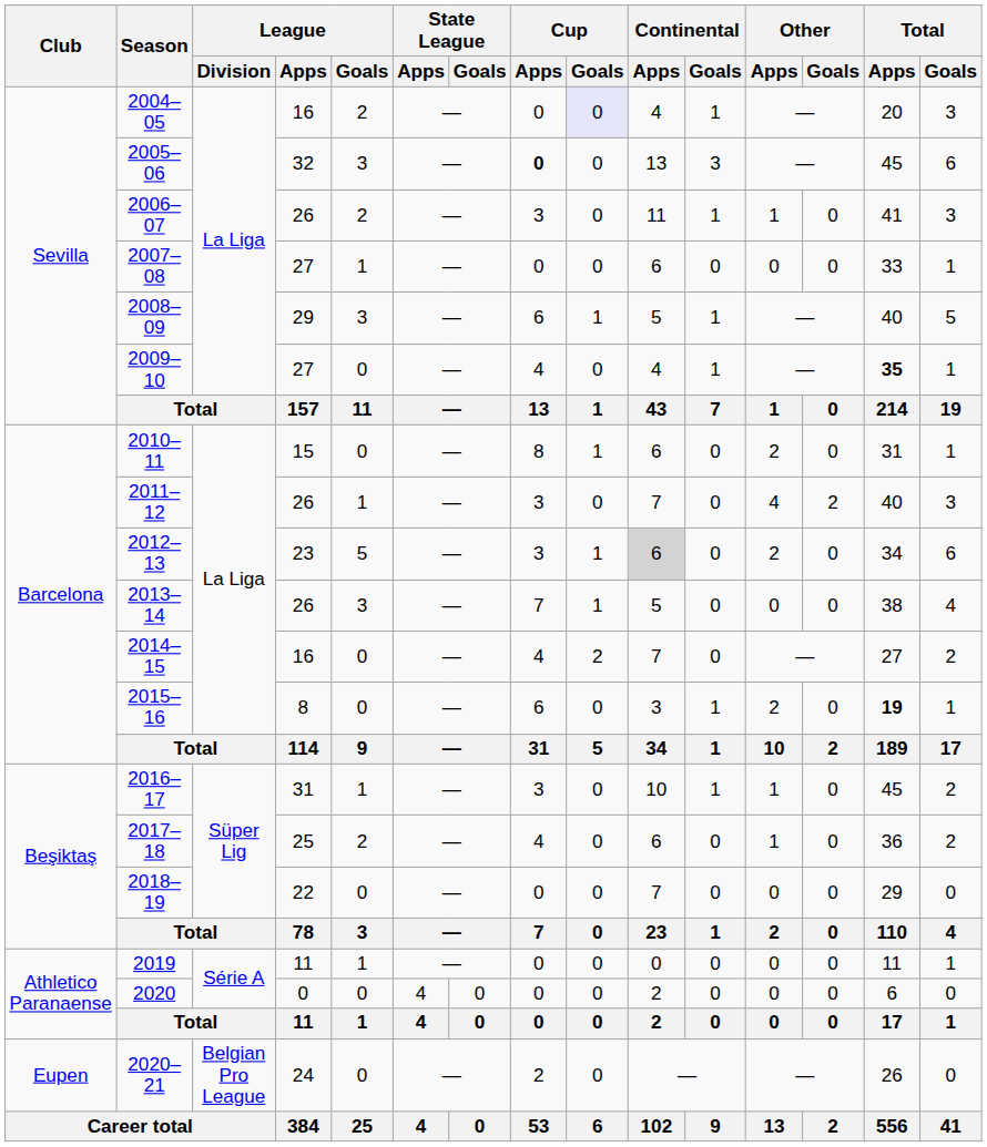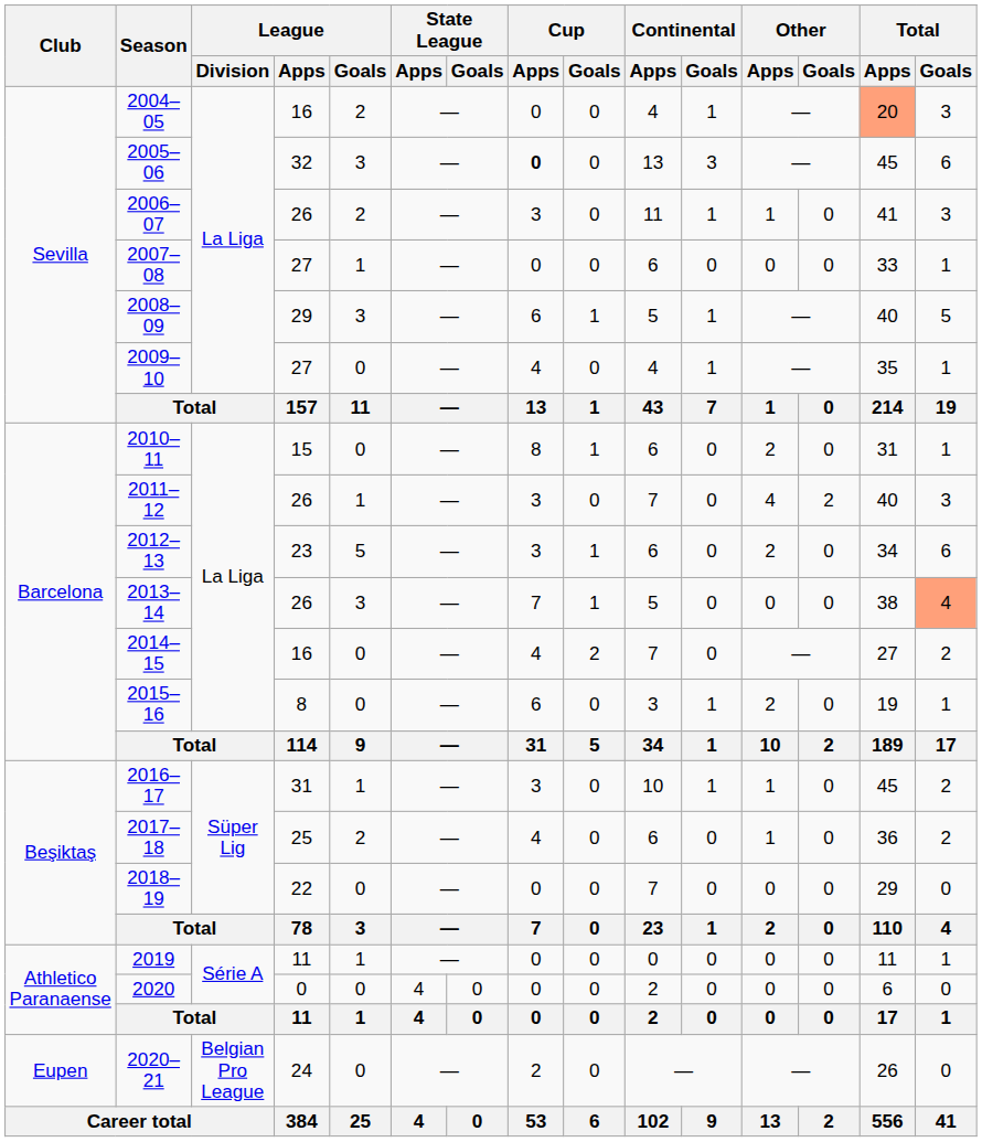 <table class="wikitable" style="text-align:center">
 <tr>
 <th rowspan="2">Club</th>
 <th rowspan="2">Season</th>
 <th colspan="3">League</th>
 <th colspan="2">State League</th>
 <th colspan="2">Cup</th>
 <th colspan="2">Continental</th>
 <th colspan="2">Other</th>
 <th colspan="2">Total</th>
 </tr>
 <tr>
 <th>Division</th>
 <th>Apps</th>
 <th>Goals</th>
 <th>Apps</th>
 <th>Goals</th>
 <th>Apps</th>
 <th>Goals</th>
 <th>Apps</th>
 <th>Goals</th>
 <th>Apps</th>
 <th>Goals</th>
 <th>Apps</th>
 <th>Goals</th>
 </tr>
 <tr>
 <td rowspan="7"><a href='#'>Sevilla</a></td>
 <td><a href='#'>2004–05</a></td>
 <td rowspan="6"><a href='#'>La Liga</a></td>
 <td>16</td>
 <td>2</td>
 <td colspan="2">—</td>
 <td>0</td>
-<td style="background: lavender;">0</td>
+<td>0</td>
 <td>4</td>
 <td>1</td>
 <td colspan=2>—</td>
-<td>20</td>
+<td style="background: lightsalmon;">20</td>
 <td>3</td>
 </tr>
 <tr>
 <td><a href='#'>2005–06</a></td>
 <td>32</td>
 <td>3</td>
 <td colspan="2">—</td>
 <td><strong>0</strong></td>
 <td>0</td>
 <td>13</td>
 <td>3</td>
 <td colspan=2>—</td>
 <td>45</td>
 <td>6</td>
 </tr>
 <tr>
 <td><a href='#'>2006–07</a></td>
 <td>26</td>
 <td>2</td>
 <td colspan="2">—</td>
 <td>3</td>
 <td>0</td>
 <td>11</td>
 <td>1</td>
 <td>1</td>
 <td>0</td>
 <td>41</td>
 <td>3</td>
 </tr>
 <tr>
 <td><a href='#'>2007–08</a></td>
 <td>27</td>
 <td>1</td>
 <td colspan="2">—</td>
 <td>0</td>
 <td>0</td>
 <td>6</td>
 <td>0</td>
 <td>0</td>
 <td>0</td>
 <td>33</td>
 <td>1</td>
 </tr>
 <tr>
 <td><a href='#'>2008–09</a></td>
 <td>29</td>
 <td>3</td>
 <td colspan="2">—</td>
 <td>6</td>
 <td>1</td>
 <td>5</td>
 <td>1</td>
 <td colspan=2>—</td>
 <td>40</td>
 <td>5</td>
 </tr>
 <tr>
 <td><a href='#'>2009–10</a></td>
 <td>27</td>
 <td>0</td>
 <td colspan="2">—</td>
 <td>4</td>
 <td>0</td>
 <td>4</td>
 <td>1</td>
 <td colspan=2>—</td>
-<td><strong>35</strong></td>
+<td>35</td>
 <td>1</td>
 </tr>
 <tr>
 <th colspan="2">Total</th>
 <th>157</th>
 <th>11</th>
 <th colspan="2">—</th>
 <th>13</th>
 <th>1</th>
 <th>43</th>
 <th>7</th>
 <th>1</th>
 <th>0</th>
 <th>214</th>
 <th>19</th>
 </tr>
 <tr>
 <td rowspan="7"><a href='#'>Barcelona</a></td>
 <td><a href='#'>2010–11</a></td>
 <td rowspan="6">La Liga</td>
 <td>15</td>
 <td>0</td>
 <td colspan="2">—</td>
 <td>8</td>
 <td>1</td>
 <td>6</td>
 <td>0</td>
 <td>2</td>
 <td>0</td>
 <td>31</td>
 <td>1</td>
 </tr>
 <tr>
 <td><a href='#'>2011–12</a></td>
 <td>26</td>
 <td>1</td>
 <td colspan="2">—</td>
 <td>3</td>
 <td>0</td>
 <td>7</td>
 <td>0</td>
 <td>4</td>
 <td>2</td>
 <td>40</td>
 <td>3</td>
 </tr>
 <tr>
 <td><a href='#'>2012–13</a></td>
 <td>23</td>
 <td>5</td>
 <td colspan="2">—</td>
 <td>3</td>
 <td>1</td>
-<td style="background: lightgrey;">6</td>
+<td>6</td>
 <td>0</td>
 <td>2</td>
 <td>0</td>
 <td>34</td>
 <td>6</td>
 </tr>
 <tr>
 <td><a href='#'>2013–14</a></td>
 <td>26</td>
 <td>3</td>
 <td colspan="2">—</td>
 <td>7</td>
 <td>1</td>
 <td>5</td>
 <td>0</td>
 <td>0</td>
 <td>0</td>
 <td>38</td>
-<td>4</td>
+<td style="background: lightsalmon;">4</td>
 </tr>
 <tr>
 <td><a href='#'>2014–15</a></td>
 <td>16</td>
 <td>0</td>
 <td colspan="2">—</td>
 <td>4</td>
 <td>2</td>
 <td>7</td>
 <td>0</td>
 <td colspan=2>—</td>
 <td>27</td>
 <td>2</td>
 </tr>
 <tr>
 <td><a href='#'>2015–16</a></td>
 <td>8</td>
 <td>0</td>
 <td colspan="2">—</td>
 <td>6</td>
 <td>0</td>
 <td>3</td>
 <td>1</td>
 <td>2</td>
 <td>0</td>
-<td><strong>19</strong></td>
+<td>19</td>
 <td>1</td>
 </tr>
 <tr>
 <th colspan="2">Total</th>
 <th>114</th>
 <th>9</th>
 <th colspan="2">—</th>
 <th>31</th>
 <th>5</th>
 <th>34</th>
 <th>1</th>
 <th>10</th>
 <th>2</th>
 <th>189</th>
 <th>17</th>
 </tr>
 <tr>
 <td rowspan="4"><a href='#'>Beşiktaş</a></td>
 <td><a href='#'>2016–17</a></td>
 <td rowspan="3"><a href='#'>Süper Lig</a></td>
 <td>31</td>
 <td>1</td>
 <td colspan="2">—</td>
 <td>3</td>
 <td>0</td>
 <td>10</td>
 <td>1</td>
 <td>1</td>
 <td>0</td>
 <td>45</td>
 <td>2</td>
 </tr>
 <tr>
 <td><a href='#'>2017–18</a></td>
 <td>25</td>
 <td>2</td>
 <td colspan="2">—</td>
 <td>4</td>
 <td>0</td>
 <td>6</td>
 <td>0</td>
 <td>1</td>
 <td>0</td>
 <td>36</td>
 <td>2</td>
 </tr>
 <tr>
 <td><a href='#'>2018–19</a></td>
 <td>22</td>
 <td>0</td>
 <td colspan="2">—</td>
 <td>0</td>
 <td>0</td>
 <td>7</td>
 <td>0</td>
 <td>0</td>
 <td>0</td>
 <td>29</td>
 <td>0</td>
 </tr>
 <tr>
 <th colspan="2">Total</th>
 <th>78</th>
 <th>3</th>
 <th colspan="2">—</th>
 <th>7</th>
 <th>0</th>
 <th>23</th>
 <th>1</th>
 <th>2</th>
 <th>0</th>
 <th>110</th>
 <th>4</th>
 </tr>
 <tr>
 <td rowspan="3"><a href='#'>Athletico Paranaense</a></td>
 <td><a href='#'>2019</a></td>
 <td rowspan="2"><a href='#'>Série A</a></td>
 <td>11</td>
 <td>1</td>
 <td colspan="2">—</td>
 <td>0</td>
 <td>0</td>
 <td>0</td>
 <td>0</td>
 <td>0</td>
 <td>0</td>
 <td>11</td>
 <td>1</td>
 </tr>
 <tr>
 <td><a href='#'>2020</a></td>
 <td>0</td>
 <td>0</td>
 <td>4</td>
 <td>0</td>
 <td>0</td>
 <td>0</td>
 <td>2</td>
 <td>0</td>
 <td>0</td>
 <td>0</td>
 <td>6</td>
 <td>0</td>
 </tr>
 <tr>
 <th colspan="2">Total</th>
 <th>11</th>
 <th>1</th>
 <th>4</th>
 <th>0</th>
 <th>0</th>
 <th>0</th>
 <th>2</th>
 <th>0</th>
 <th>0</th>
 <th>0</th>
 <th>17</th>
 <th>1</th>
 </tr>
 <tr>
 <td><a href='#'>Eupen</a></td>
 <td><a href='#'>2020–21</a></td>
 <td><a href='#'>Belgian Pro League</a></td>
 <td>24</td>
 <td>0</td>
 <td colspan="2">—</td>
 <td>2</td>
 <td>0</td>
 <td colspan="2">—</td>
 <td colspan="2">—</td>
 <td>26</td>
 <td>0</td>
 </tr>
 <tr>
 <th colspan="3">Career total</th>
 <th>384</th>
 <th>25</th>
 <th>4</th>
 <th>0</th>
 <th>53</th>
 <th>6</th>
 <th>102</th>
 <th>9</th>
 <th>13</th>
 <th>2</th>
 <th>556</th>
 <th>41</th>
 </tr>
 </table>
